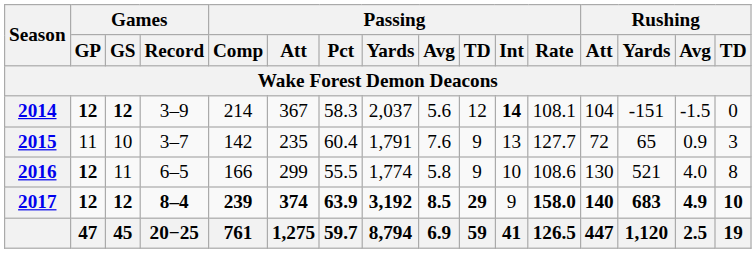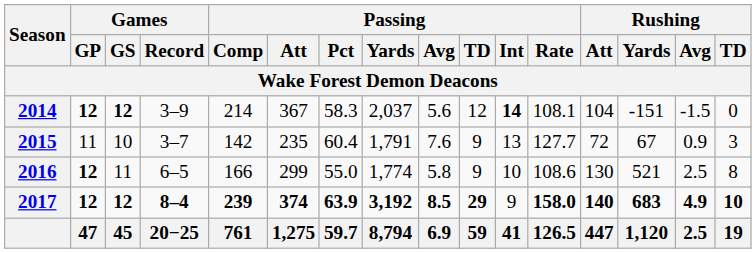 <table class="wikitable" style="text-align:center;">
 <tr>
 <th rowspan="2">Season</th>
 <th colspan="3">Games</th>
 <th colspan="8">Passing</th>
 <th colspan="5">Rushing</th>
 </tr>
 <tr>
 <th>GP</th>
 <th>GS</th>
 <th>Record</th>
 <th>Comp</th>
 <th>Att</th>
 <th>Pct</th>
 <th>Yards</th>
 <th>Avg</th>
 <th>TD</th>
 <th>Int</th>
 <th>Rate</th>
 <th>Att</th>
 <th>Yards</th>
 <th>Avg</th>
 <th>TD</th>
 </tr>
 <tr>
 <th colspan="16">Wake Forest Demon Deacons</th>
 </tr>
 <tr>
 <th><a href='#'>2014</a></th>
 <td><strong>12</strong></td>
 <td><strong>12</strong></td>
 <td>3–9</td>
 <td>214</td>
 <td>367</td>
 <td>58.3</td>
 <td>2,037</td>
 <td>5.6</td>
 <td>12</td>
 <td><strong>14</strong></td>
 <td>108.1</td>
 <td>104</td>
 <td>-151</td>
 <td>-1.5</td>
 <td>0</td>
 </tr>
 <tr>
 <th><a href='#'>2015</a></th>
 <td>11</td>
 <td>10</td>
 <td>3–7</td>
 <td>142</td>
 <td>235</td>
 <td>60.4</td>
 <td>1,791</td>
 <td>7.6</td>
 <td>9</td>
 <td>13</td>
 <td>127.7</td>
 <td>72</td>
-<td>65</td>
+<td>67</td>
 <td>0.9</td>
 <td>3</td>
 </tr>
 <tr>
 <th><a href='#'>2016</a></th>
 <td><strong>12</strong></td>
 <td>11</td>
 <td>6–5</td>
 <td>166</td>
 <td>299</td>
-<td>55.5</td>
+<td>55.0</td>
 <td>1,774</td>
 <td>5.8</td>
 <td>9</td>
 <td>10</td>
 <td>108.6</td>
 <td>130</td>
 <td>521</td>
-<td>4.0</td>
+<td>2.5</td>
 <td>8</td>
 </tr>
 <tr>
 <th><a href='#'>2017</a></th>
 <td><strong>12</strong></td>
 <td><strong>12</strong></td>
 <td><strong>8–4</strong></td>
 <td><strong>239</strong></td>
 <td><strong>374</strong></td>
 <td><strong>63.9</strong></td>
 <td><strong>3,192</strong></td>
 <td><strong>8.5</strong></td>
 <td><strong>29</strong></td>
 <td>9</td>
 <td><strong>158.0</strong></td>
 <td><strong>140</strong></td>
 <td><strong>683</strong></td>
 <td><strong>4.9</strong></td>
 <td><strong>10</strong></td>
 </tr>
 <tr>
 <th></th>
 <th>47</th>
 <th>45</th>
 <th>20−25</th>
 <th>761</th>
 <th>1,275</th>
 <th>59.7</th>
 <th>8,794</th>
 <th>6.9</th>
 <th>59</th>
 <th>41</th>
 <th>126.5</th>
 <th>447</th>
 <th>1,120</th>
 <th>2.5</th>
 <th>19</th>
 </tr>
 </table>
